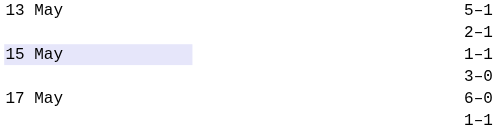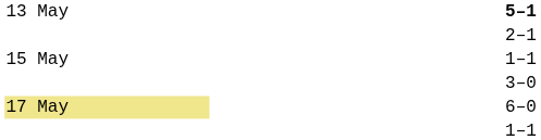 <table cellspacing=1 width=70%>
 <tr>
 <th width=25%></th>
 <th width=30%></th>
 <th width=15%></th>
 <th width=30%></th>
 </tr>
 <tr>
 <td>13 May</td>
 <td align=right></td>
-<td align=center>5–1</td>
+<td align=center><strong>5–1</strong></td>
 <td></td>
 </tr>
 <tr>
 <td></td>
 <td align=right></td>
 <td align=center>2–1</td>
 <td></td>
 </tr>
 <tr>
-<td style="background: lavender;">15 May</td>
+<td>15 May</td>
 <td align=right></td>
 <td align=center>1–1</td>
 <td></td>
 </tr>
 <tr>
 <td></td>
 <td align=right></td>
 <td align=center>3–0</td>
 <td></td>
 </tr>
 <tr>
-<td>17 May</td>
+<td style="background: khaki;">17 May</td>
 <td align=right></td>
 <td align=center>6–0</td>
 <td></td>
 </tr>
 <tr>
 <td></td>
 <td align=right></td>
 <td align=center>1–1</td>
 <td></td>
 </tr>
 </table>
